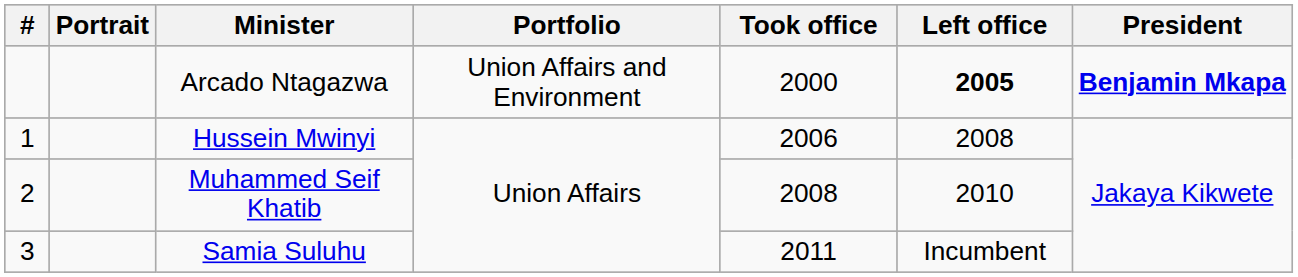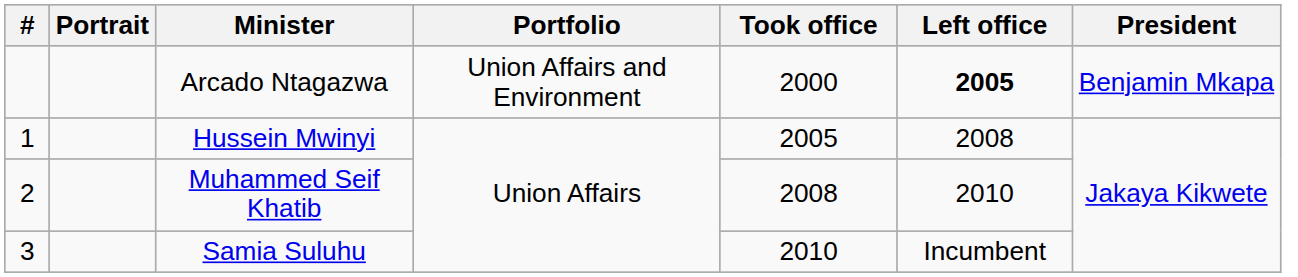 <table class="wikitable" style="text-align:center">
 <tr>
 <th width="20px">#</th>
 <th>Portrait</th>
 <th width="150px">Minister</th>
 <th width="180px">Portfolio</th>
 <th width="100px">Took office</th>
 <th width="100px">Left office</th>
 <th>President</th>
 </tr>
 <tr>
 <td style="background:"></td>
 <td></td>
 <td>Arcado Ntagazwa</td>
 <td>Union Affairs and Environment</td>
 <td>2000</td>
 <td><strong>2005</strong></td>
-<td rowspan="1"><strong><a href='#'>Benjamin Mkapa</a></strong></td>
+<td rowspan="1"><a href='#'>Benjamin Mkapa</a></td>
 </tr>
 <tr>
 <td style="background:">1</td>
 <td></td>
 <td><a href='#'>Hussein Mwinyi</a></td>
 <td rowspan="3">Union Affairs</td>
-<td>2006</td>
+<td>2005</td>
 <td>2008</td>
 <td rowspan="3"><a href='#'>Jakaya Kikwete</a></td>
 </tr>
 <tr>
 <td style="background:">2</td>
 <td></td>
 <td><a href='#'>Muhammed Seif Khatib</a></td>
 <td>2008</td>
 <td>2010</td>
 </tr>
 <tr>
 <td style="background:">3</td>
 <td></td>
 <td><a href='#'>Samia Suluhu</a></td>
-<td>2011</td>
+<td>2010</td>
 <td>Incumbent</td>
 </tr>
 </table>
